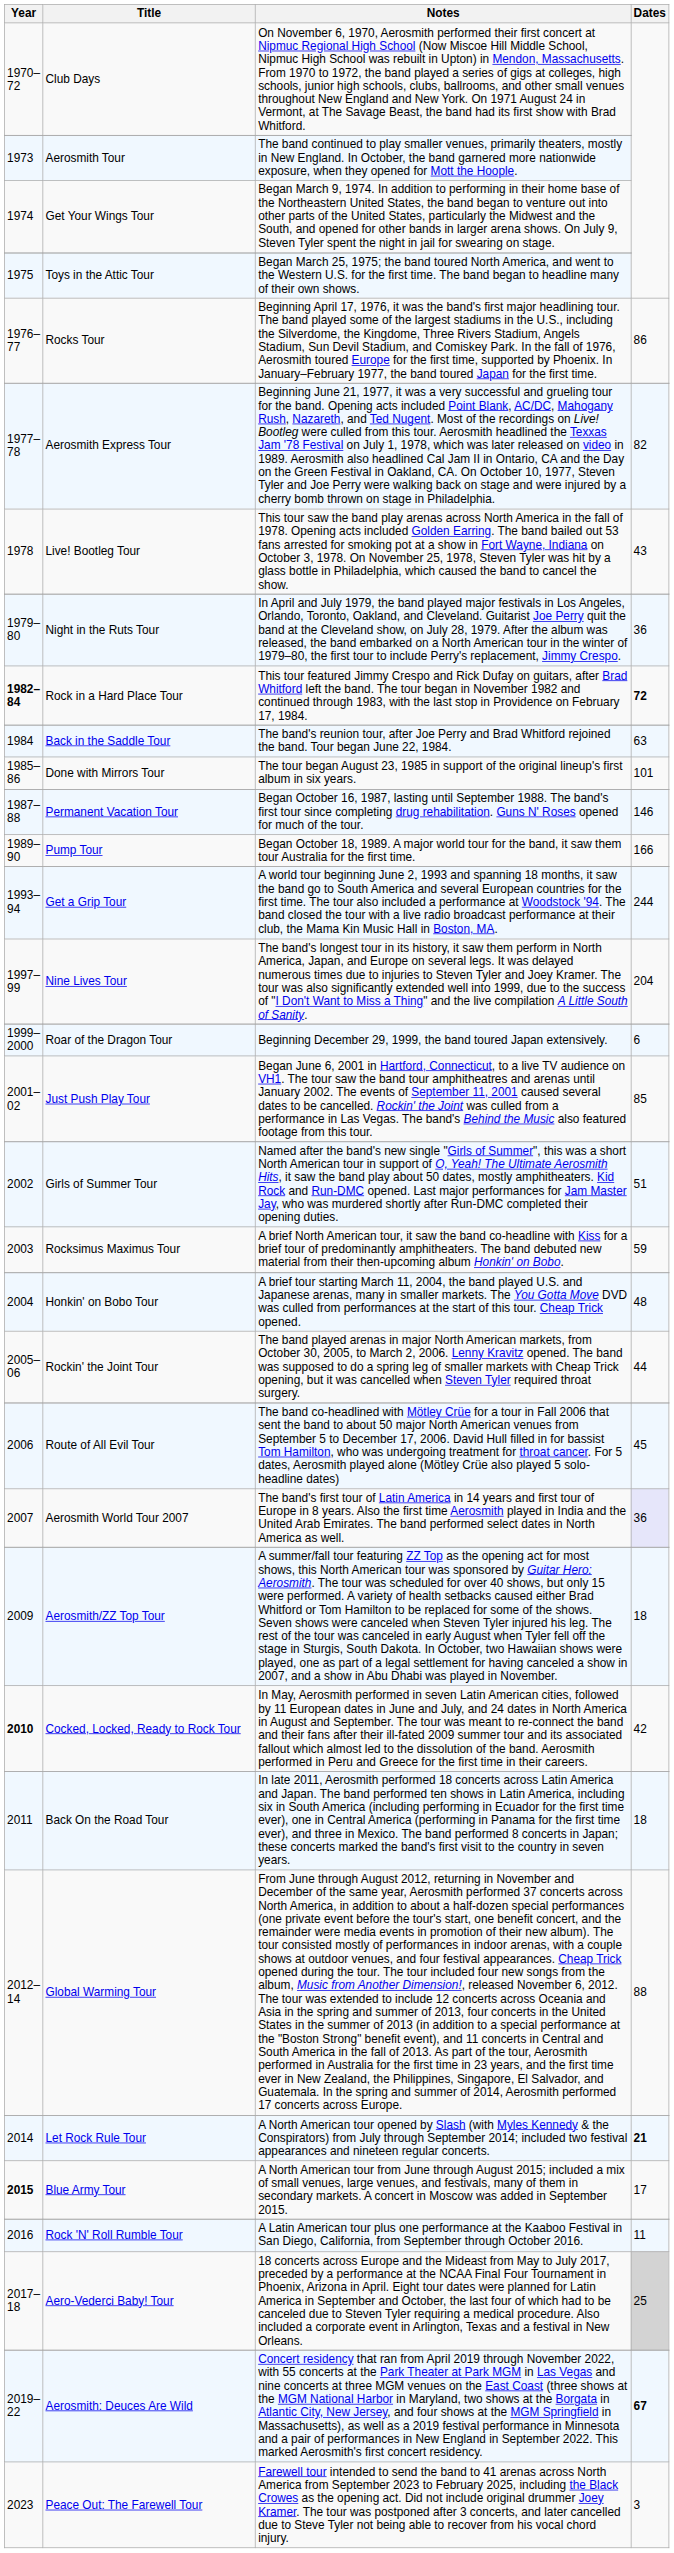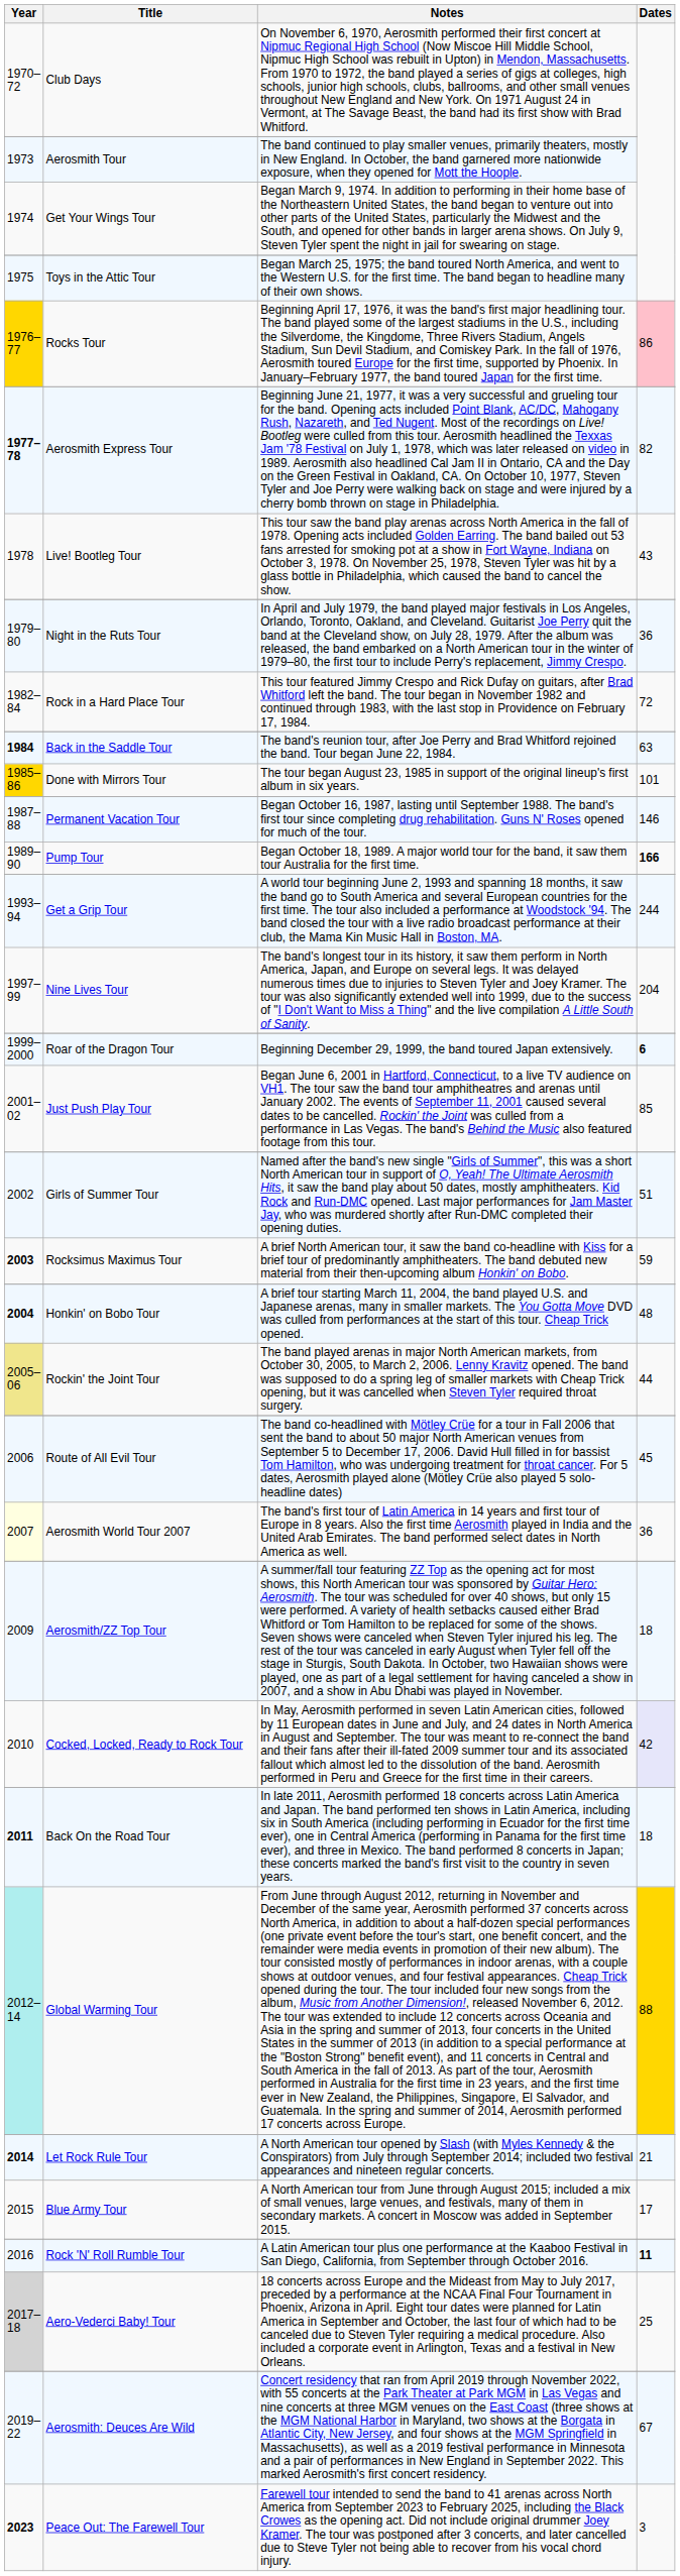 <table class="wikitable">
 <tr>
 <th align="left" valign="top" width="30">Year</th>
 <th align="left" valign="top" width="280">Title</th>
 <th align="left" valign="top" width="500">Notes</th>
 <th align="left" valign="top" width="20">Dates</th>
 </tr>
 <tr>
 <td>1970–72</td>
 <td>Club Days</td>
 <td>On November 6, 1970, Aerosmith performed their first concert at <a href='#'>Nipmuc Regional High School</a> (Now Miscoe Hill Middle School, Nipmuc High School was rebuilt in Upton) in <a href='#'>Mendon, Massachusetts</a>. From 1970 to 1972, the band played a series of gigs at colleges, high schools, junior high schools, clubs, ballrooms, and other small venues throughout New England and New York. On 1971 August 24 in Vermont, at The Savage Beast, the band had its first show with Brad Whitford.</td>
 </tr>
 <tr>
 </tr>
 <tr ---- bgcolor="#F0F8FF">
 <td>1973</td>
 <td>Aerosmith Tour</td>
 <td>The band continued to play smaller venues, primarily theaters, mostly in New England. In October, the band garnered more nationwide exposure, when they opened for <a href='#'>Mott the Hoople</a>.</td>
 </tr>
 <tr>
 <td>1974</td>
 <td>Get Your Wings Tour</td>
 <td>Began March 9, 1974. In addition to performing in their home base of the Northeastern United States, the band began to venture out into other parts of the United States, particularly the Midwest and the South, and opened for other bands in larger arena shows. On July 9, Steven Tyler spent the night in jail for swearing on stage.</td>
 </tr>
 <tr>
 </tr>
 <tr ---- bgcolor="#F0F8FF">
 <td>1975</td>
 <td>Toys in the Attic Tour</td>
 <td>Began March 25, 1975; the band toured North America, and went to the Western U.S. for the first time. The band began to headline many of their own shows.</td>
 </tr>
 <tr>
-<td>1976–77</td>
+<td style="background: gold;">1976–77</td>
 <td>Rocks Tour</td>
 <td>Beginning April 17, 1976, it was the band's first major headlining tour. The band played some of the largest stadiums in the U.S., including the Silverdome, the Kingdome, Three Rivers Stadium, Angels Stadium, Sun Devil Stadium, and Comiskey Park. In the fall of 1976, Aerosmith toured <a href='#'>Europe</a> for the first time, supported by Phoenix. In January–February 1977, the band toured <a href='#'>Japan</a> for the first time.</td>
-<td>86</td>
+<td style="background: pink;">86</td>
 </tr>
 <tr>
 </tr>
 <tr ---- bgcolor="#F0F8FF">
-<td>1977–78</td>
+<td><strong>1977–78</strong></td>
 <td>Aerosmith Express Tour</td>
 <td>Beginning June 21, 1977, it was a very successful and grueling tour for the band. Opening acts included <a href='#'>Point Blank</a>, <a href='#'>AC/DC</a>, <a href='#'>Mahogany Rush</a>, <a href='#'>Nazareth</a>, and <a href='#'>Ted Nugent</a>. Most of the recordings on <em>Live! Bootleg</em> were culled from this tour. Aerosmith headlined the <a href='#'>Texxas Jam '78 Festival</a> on July 1, 1978, which was later released on <a href='#'>video</a> in 1989. Aerosmith also headlined Cal Jam II in Ontario, CA and the Day on the Green Festival in Oakland, CA. On October 10, 1977, Steven Tyler and Joe Perry were walking back on stage and were injured by a cherry bomb thrown on stage in Philadelphia.</td>
 <td>82</td>
 </tr>
 <tr>
 <td>1978</td>
 <td>Live! Bootleg Tour</td>
 <td>This tour saw the band play arenas across North America in the fall of 1978. Opening acts included <a href='#'>Golden Earring</a>. The band bailed out 53 fans arrested for smoking pot at a show in <a href='#'>Fort Wayne, Indiana</a> on October 3, 1978. On November 25, 1978, Steven Tyler was hit by a glass bottle in Philadelphia, which caused the band to cancel the show.</td>
 <td>43</td>
 </tr>
 <tr>
 </tr>
 <tr ---- bgcolor="#F0F8FF">
 <td>1979–80</td>
 <td>Night in the Ruts Tour</td>
 <td>In April and July 1979, the band played major festivals in Los Angeles, Orlando, Toronto, Oakland, and Cleveland. Guitarist <a href='#'>Joe Perry</a> quit the band at the Cleveland show, on July 28, 1979. After the album was released, the band embarked on a North American tour in the winter of 1979–80, the first tour to include Perry's replacement, <a href='#'>Jimmy Crespo</a>.</td>
 <td>36</td>
 </tr>
 <tr>
-<td><strong>1982–84</strong></td>
+<td>1982–84</td>
 <td>Rock in a Hard Place Tour</td>
 <td>This tour featured Jimmy Crespo and Rick Dufay on guitars, after <a href='#'>Brad Whitford</a> left the band. The tour began in November 1982 and continued through 1983, with the last stop in Providence on February 17, 1984.</td>
-<td><strong>72</strong></td>
+<td>72</td>
 </tr>
 <tr>
 </tr>
 <tr ---- bgcolor="#F0F8FF">
-<td>1984</td>
+<td><strong>1984</strong></td>
 <td><a href='#'>Back in the Saddle Tour</a></td>
 <td>The band's reunion tour, after Joe Perry and Brad Whitford rejoined the band. Tour began June 22, 1984.</td>
 <td>63</td>
 </tr>
 <tr>
-<td>1985–86</td>
+<td style="background: gold;">1985–86</td>
 <td>Done with Mirrors Tour</td>
 <td>The tour began August 23, 1985 in support of the original lineup's first album in six years.</td>
 <td>101</td>
 </tr>
 <tr>
 </tr>
 <tr ---- bgcolor="#F0F8FF">
 <td>1987–88</td>
 <td><a href='#'>Permanent Vacation Tour</a></td>
 <td>Began October 16, 1987, lasting until September 1988. The band's first tour since completing <a href='#'>drug rehabilitation</a>. <a href='#'>Guns N' Roses</a> opened for much of the tour.</td>
 <td>146</td>
 </tr>
 <tr>
 <td>1989–90</td>
 <td><a href='#'>Pump Tour</a></td>
 <td>Began October 18, 1989. A major world tour for the band, it saw them tour Australia for the first time.</td>
-<td>166</td>
+<td><strong>166</strong></td>
 </tr>
 <tr>
 </tr>
 <tr ---- bgcolor="#F0F8FF">
 <td>1993–94</td>
 <td><a href='#'>Get a Grip Tour</a></td>
 <td>A world tour beginning June 2, 1993 and spanning 18 months, it saw the band go to South America and several European countries for the first time. The tour also included a performance at <a href='#'>Woodstock '94</a>. The band closed the tour with a live radio broadcast performance at their club, the Mama Kin Music Hall in <a href='#'>Boston, MA</a>.</td>
 <td>244</td>
 </tr>
 <tr>
 <td>1997–99</td>
 <td><a href='#'>Nine Lives Tour</a></td>
 <td>The band's longest tour in its history, it saw them perform in North America, Japan, and Europe on several legs. It was delayed numerous times due to injuries to Steven Tyler and Joey Kramer. The tour was also significantly extended well into 1999, due to the success of "<a href='#'>I Don't Want to Miss a Thing</a>" and the live compilation <em><a href='#'>A Little South of Sanity</a></em>.</td>
 <td>204</td>
 </tr>
 <tr>
 </tr>
 <tr ---- bgcolor="#F0F8FF">
 <td>1999–2000</td>
 <td>Roar of the Dragon Tour</td>
 <td>Beginning December 29, 1999, the band toured Japan extensively.</td>
-<td>6</td>
+<td><strong>6</strong></td>
 </tr>
 <tr>
 <td>2001–02</td>
 <td><a href='#'>Just Push Play Tour</a></td>
 <td>Began June 6, 2001 in <a href='#'>Hartford, Connecticut</a>, to a live TV audience on <a href='#'>VH1</a>. The tour saw the band tour amphitheatres and arenas until January 2002. The events of <a href='#'>September 11, 2001</a> caused several dates to be cancelled. <em><a href='#'>Rockin' the Joint</a></em> was culled from a performance in Las Vegas. The band's <em><a href='#'>Behind the Music</a></em> also featured footage from this tour.</td>
 <td>85</td>
 </tr>
 <tr>
 </tr>
 <tr ---- bgcolor="#F0F8FF">
 <td>2002</td>
 <td>Girls of Summer Tour</td>
 <td>Named after the band's new single "<a href='#'>Girls of Summer</a>", this was a short North American tour in support of <em><a href='#'>O, Yeah! The Ultimate Aerosmith Hits</a></em>, it saw the band play about 50 dates, mostly amphitheaters. <a href='#'>Kid Rock</a> and <a href='#'>Run-DMC</a> opened. Last major performances for <a href='#'>Jam Master Jay</a>, who was murdered shortly after Run-DMC completed their opening duties.</td>
 <td>51</td>
 </tr>
 <tr>
-<td>2003</td>
+<td><strong>2003</strong></td>
 <td>Rocksimus Maximus Tour</td>
 <td>A brief North American tour, it saw the band co-headline with <a href='#'>Kiss</a> for a brief tour of predominantly amphitheaters. The band debuted new material from their then-upcoming album <em><a href='#'>Honkin' on Bobo</a></em>.</td>
 <td>59</td>
 </tr>
 <tr>
 </tr>
 <tr ---- bgcolor="#F0F8FF">
-<td>2004</td>
+<td><strong>2004</strong></td>
 <td>Honkin' on Bobo Tour</td>
 <td>A brief tour starting March 11, 2004, the band played U.S. and Japanese arenas, many in smaller markets. The <em><a href='#'>You Gotta Move</a></em> DVD was culled from performances at the start of this tour. <a href='#'>Cheap Trick</a> opened.</td>
 <td>48</td>
 </tr>
 <tr>
-<td>2005–06</td>
+<td style="background: khaki;">2005–06</td>
 <td>Rockin' the Joint Tour</td>
 <td>The band played arenas in major North American markets, from October 30, 2005, to March 2, 2006. <a href='#'>Lenny Kravitz</a> opened. The band was supposed to do a spring leg of smaller markets with Cheap Trick opening, but it was cancelled when <a href='#'>Steven Tyler</a> required throat surgery.</td>
 <td>44</td>
 </tr>
 <tr>
 </tr>
 <tr ---- bgcolor="#F0F8FF">
 <td>2006</td>
 <td>Route of All Evil Tour</td>
 <td>The band co-headlined with <a href='#'>Mötley Crüe</a> for a tour in Fall 2006 that sent the band to about 50 major North American venues from September 5 to December 17, 2006. David Hull filled in for bassist <a href='#'>Tom Hamilton</a>, who was undergoing treatment for <a href='#'>throat cancer</a>. For 5 dates, Aerosmith played alone (Mötley Crüe also played 5 solo-headline dates)</td>
 <td>45</td>
 </tr>
 <tr>
-<td>2007</td>
+<td style="background: lightyellow;">2007</td>
 <td>Aerosmith World Tour 2007</td>
 <td>The band's first tour of <a href='#'>Latin America</a> in 14 years and first tour of Europe in 8 years. Also the first time <a href='#'>Aerosmith</a> played in India and the United Arab Emirates. The band performed select dates in North America as well.</td>
-<td style="background: lavender;">36</td>
+<td>36</td>
 </tr>
 <tr>
 </tr>
 <tr ---- bgcolor="#F0F8FF">
 <td>2009</td>
 <td><a href='#'>Aerosmith/ZZ Top Tour</a></td>
 <td>A summer/fall tour featuring <a href='#'>ZZ Top</a> as the opening act for most shows, this North American tour was sponsored by <em><a href='#'>Guitar Hero: Aerosmith</a></em>. The tour was scheduled for over 40 shows, but only 15 were performed. A variety of health setbacks caused either Brad Whitford or Tom Hamilton to be replaced for some of the shows. Seven shows were canceled when Steven Tyler injured his leg. The rest of the tour was canceled in early August when Tyler fell off the stage in Sturgis, South Dakota. In October, two Hawaiian shows were played, one as part of a legal settlement for having canceled a show in 2007, and a show in Abu Dhabi was played in November.</td>
 <td>18</td>
 </tr>
 <tr>
-<td><strong>2010</strong></td>
+<td>2010</td>
 <td><a href='#'>Cocked, Locked, Ready to Rock Tour</a></td>
 <td>In May, Aerosmith performed in seven Latin American cities, followed by 11 European dates in June and July, and 24 dates in North America in August and September. The tour was meant to re-connect the band and their fans after their ill-fated 2009 summer tour and its associated fallout which almost led to the dissolution of the band. Aerosmith performed in Peru and Greece for the first time in their careers.</td>
-<td>42</td>
+<td style="background: lavender;">42</td>
 </tr>
 <tr>
 </tr>
 <tr ---- bgcolor="#F0F8FF">
-<td>2011</td>
+<td><strong>2011</strong></td>
 <td>Back On the Road Tour</td>
 <td>In late 2011, Aerosmith performed 18 concerts across Latin America and Japan. The band performed ten shows in Latin America, including six in South America (including performing in Ecuador for the first time ever), one in Central America (performing in Panama for the first time ever), and three in Mexico. The band performed 8 concerts in Japan; these concerts marked the band's first visit to the country in seven years.</td>
 <td>18</td>
 </tr>
 <tr>
-<td>2012–14</td>
+<td style="background: paleturquoise;">2012–14</td>
 <td><a href='#'>Global Warming Tour</a></td>
 <td>From June through August 2012, returning in November and December of the same year, Aerosmith performed 37 concerts across North America, in addition to about a half-dozen special performances (one private event before the tour's start, one benefit concert, and the remainder were media events in promotion of their new album). The tour consisted mostly of performances in indoor arenas, with a couple shows at outdoor venues, and four festival appearances. <a href='#'>Cheap Trick</a> opened during the tour. The tour included four new songs from the album, <em><a href='#'>Music from Another Dimension!</a></em>, released November 6, 2012. The tour was extended to include 12 concerts across Oceania and Asia in the spring and summer of 2013, four concerts in the United States in the summer of 2013 (in addition to a special performance at the "Boston Strong" benefit event), and 11 concerts in Central and South America in the fall of 2013. As part of the tour, Aerosmith performed in Australia for the first time in 23 years, and the first time ever in New Zealand, the Philippines, Singapore, El Salvador, and Guatemala. In the spring and summer of 2014, Aerosmith performed 17 concerts across Europe.</td>
-<td>88</td>
+<td style="background: gold;">88</td>
 </tr>
 <tr>
 </tr>
 <tr ---- bgcolor="#F0F8FF">
-<td>2014</td>
+<td><strong>2014</strong></td>
 <td><a href='#'>Let Rock Rule Tour</a></td>
 <td>A North American tour opened by <a href='#'>Slash</a> (with <a href='#'>Myles Kennedy</a> & the Conspirators) from July through September 2014; included two festival appearances and nineteen regular concerts.</td>
-<td><strong>21</strong></td>
+<td>21</td>
 </tr>
 <tr>
-<td><strong>2015</strong></td>
+<td>2015</td>
 <td><a href='#'>Blue Army Tour</a></td>
 <td>A North American tour from June through August 2015; included a mix of small venues, large venues, and festivals, many of them in secondary markets. A concert in Moscow was added in September 2015.</td>
 <td>17</td>
 </tr>
 <tr>
 </tr>
 <tr ---- bgcolor="#F0F8FF">
 <td>2016</td>
 <td><a href='#'>Rock 'N' Roll Rumble Tour</a></td>
 <td>A Latin American tour plus one performance at the Kaaboo Festival in San Diego, California, from September through October 2016.</td>
-<td>11</td>
+<td><strong>11</strong></td>
 </tr>
 <tr>
-<td>2017–18</td>
+<td style="background: lightgrey;">2017–18</td>
 <td><a href='#'>Aero-Vederci Baby! Tour</a></td>
 <td>18 concerts across Europe and the Mideast from May to July 2017, preceded by a performance at the NCAA Final Four Tournament in Phoenix, Arizona in April. Eight tour dates were planned for Latin America in September and October, the last four of which had to be canceled due to Steven Tyler requiring a medical procedure. Also included a corporate event in Arlington, Texas and a festival in New Orleans.</td>
-<td style="background: lightgrey;">25</td>
+<td>25</td>
 </tr>
 <tr>
 </tr>
 <tr ---- bgcolor="#F0F8FF">
 <td>2019–22</td>
 <td><a href='#'>Aerosmith: Deuces Are Wild</a></td>
 <td><a href='#'>Concert residency</a> that ran from April 2019 through November 2022, with 55 concerts at the <a href='#'>Park Theater at Park MGM</a> in <a href='#'>Las Vegas</a> and nine concerts at three MGM venues on the <a href='#'>East Coast</a> (three shows at the <a href='#'>MGM National Harbor</a> in Maryland, two shows at the <a href='#'>Borgata</a> in <a href='#'>Atlantic City, New Jersey</a>, and four shows at the <a href='#'>MGM Springfield</a> in Massachusetts), as well as a 2019 festival performance in Minnesota and a pair of performances in New England in September 2022. This marked Aerosmith's first concert residency.</td>
-<td><strong>67</strong></td>
+<td>67</td>
 </tr>
 <tr>
-<td>2023</td>
+<td><strong>2023</strong></td>
 <td><a href='#'>Peace Out: The Farewell Tour</a></td>
 <td><a href='#'>Farewell tour</a> intended to send the band to 41 arenas across North America from September 2023 to February 2025, including <a href='#'>the Black Crowes</a> as the opening act. Did not include original drummer <a href='#'>Joey Kramer</a>. The tour was postponed after 3 concerts, and later cancelled due to Steve Tyler not being able to recover from his vocal chord injury.</td>
 <td>3</td>
 </tr>
 </table>
